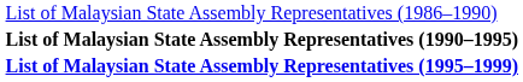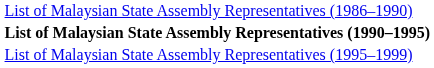 <table id=toc style="float:right">
 <tr>
 <td><a href='#'>List of Malaysian State Assembly Representatives (1986–1990)</a></td>
 </tr>
 <tr>
 <td><strong>List of Malaysian State Assembly Representatives (1990–1995)</strong></td>
 </tr>
 <tr>
-<td><strong><a href='#'>List of Malaysian State Assembly Representatives (1995–1999)</a></strong></td>
+<td><a href='#'>List of Malaysian State Assembly Representatives (1995–1999)</a></td>
 </tr>
 </table>
